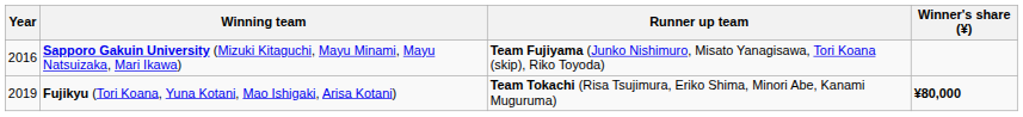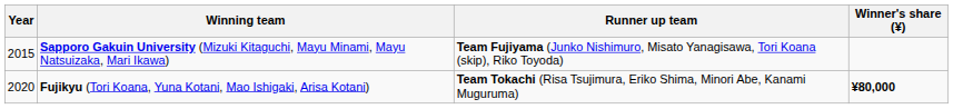 <table class="wikitable">
 <tr>
 <th scope="col">Year</th>
 <th scope="col">Winning team</th>
 <th scope="col">Runner up team</th>
 <th scope="col">Winner's share (¥)</th>
 </tr>
 <tr>
-<td>2016</td>
+<td>2015</td>
 <td> <strong><a href='#'>Sapporo Gakuin University</a></strong> (<a href='#'>Mizuki Kitaguchi</a>, <a href='#'>Mayu Minami</a>, <a href='#'>Mayu Natsuizaka</a>, <a href='#'>Mari Ikawa</a>)</td>
 <td> <strong>Team Fujiyama</strong> (<a href='#'>Junko Nishimuro</a>, Misato Yanagisawa, <a href='#'>Tori Koana</a> (skip), Riko Toyoda)</td>
 <td></td>
 </tr>
 <tr>
-<td>2019</td>
+<td>2020</td>
 <td> <strong>Fujikyu</strong> (<a href='#'>Tori Koana</a>, <a href='#'>Yuna Kotani</a>, <a href='#'>Mao Ishigaki</a>, <a href='#'>Arisa Kotani</a>)</td>
 <td> <strong>Team Tokachi</strong> (Risa Tsujimura, Eriko Shima, Minori Abe, Kanami Muguruma)</td>
 <td><strong>¥80,000</strong></td>
 </tr>
 </table>
